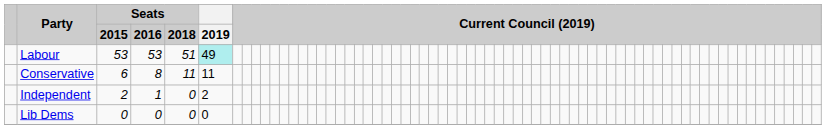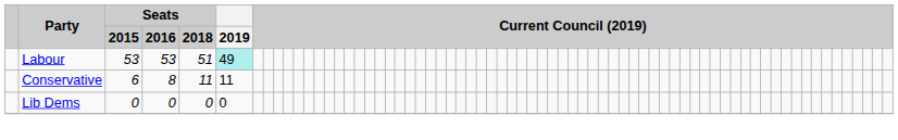 <table class="wikitable">
 <tr>
 <th rowspan="2" style="background:#ccc">  </th>
 <th rowspan="2" style="background:#ccc">Party</th>
 <th colspan="3" style="background:#ccc">Seats</th>
 <th></th>
 <th colspan="63" rowspan="2" style="background:#ccc">Current Council (2019)</th>
 </tr>
 <tr>
 <th style="background:#ccc">2015</th>
 <th style="background:#ccc">2016</th>
 <th style="background:#ccc">2018</th>
 <th>2019</th>
 </tr>
 <tr>
 <td style="background:"> </td>
 <td><a href='#'>Labour</a></td>
 <td style="text-align: right"><em>53</em></td>
 <td style="text-align: right"><em>53</em></td>
 <td style="text-align: right"><em>51</em></td>
 <td style="background: paleturquoise;">49</td>
 <td style="background:"> </td>
 <td style="background:"> </td>
 <td style="background:"> </td>
 <td style="background:"> </td>
 <td style="background:"> </td>
 <td style="background:"> </td>
 <td style="background:"> </td>
 <td style="background:"> </td>
 <td style="background:"> </td>
 <td style="background:"> </td>
 <td style="background:"> </td>
 <td style="background:"> </td>
 <td style="background:"> </td>
 <td style="background:"> </td>
 <td style="background:"> </td>
 <td style="background:"> </td>
 <td style="background:"> </td>
 <td style="background:"> </td>
 <td style="background:"> </td>
 <td style="background:"> </td>
 <td style="background:"> </td>
 <td style="background:"> </td>
 <td style="background:"> </td>
 <td style="background:"> </td>
 <td style="background:"> </td>
 <td style="background:"> </td>
 <td style="background:"> </td>
 <td style="background:"> </td>
 <td style="background:"> </td>
 <td style="background:"> </td>
 <td style="background:"> </td>
 <td style="background:"> </td>
 <td style="background:"> </td>
 <td style="background:"> </td>
 <td style="background:"> </td>
 <td style="background:"> </td>
 <td style="background:"> </td>
 <td style="background:"> </td>
 <td style="background:"> </td>
 <td style="background:"> </td>
 <td style="background:"> </td>
 <td style="background:"> </td>
 <td style="background:"> </td>
 <td style="background:"> </td>
 <td style="background:"> </td>
 <td style="background:"> </td>
 <td style="background:"> </td>
 <td style="background:"> </td>
 <td style="background:"> </td>
 <td> </td>
 <td> </td>
 <td> </td>
 <td> </td>
 <td> </td>
 <td> </td>
 <td> </td>
 <td> </td>
 <td> </td>
 <td> </td>
 <td> </td>
 <td> </td>
 <td> </td>
 </tr>
 <tr>
 <td style="background: "> </td>
 <td><a href='#'>Conservative</a></td>
 <td style="text-align: right"><em>6</em></td>
 <td style="text-align: right"><em>8</em></td>
 <td style="text-align: right"><em>11</em></td>
 <td>11</td>
 <td style="background: "> </td>
 <td style="background: "> </td>
 <td style="background: "> </td>
 <td style="background: "> </td>
 <td style="background: "> </td>
 <td style="background: "> </td>
 <td style="background: "> </td>
 <td style="background: "> </td>
 <td style="background: "> </td>
 <td style="background: "> </td>
 <td style="background: "> </td>
 <td> </td>
 <td> </td>
 <td> </td>
 <td> </td>
 <td> </td>
 <td> </td>
 <td> </td>
 <td> </td>
 <td> </td>
 <td> </td>
 <td> </td>
 <td> </td>
 <td> </td>
 <td> </td>
 <td> </td>
 <td> </td>
 <td> </td>
 <td> </td>
 <td> </td>
 <td> </td>
 <td> </td>
 <td> </td>
 <td> </td>
 <td> </td>
 <td> </td>
 <td> </td>
 <td> </td>
 <td> </td>
 <td> </td>
 <td> </td>
 <td> </td>
 <td> </td>
 <td> </td>
 <td> </td>
 <td> </td>
 <td> </td>
 <td> </td>
 <td> </td>
 <td> </td>
 <td> </td>
 <td> </td>
 <td> </td>
 <td> </td>
 <td> </td>
 <td> </td>
 <td> </td>
 <td> </td>
 <td> </td>
 <td> </td>
 <td> </td>
 <td> </td>
 <td> </td>
 </tr>
 <tr>
 <td style="background:"> </td>
-<td><a href='#'>Independent</a></td>
-<td style="text-align: right"><em>2</em></td>
-<td style="text-align: right"><em>1</em></td>
-<td style="text-align: right"><em>0</em></td>
-<td>2</td>
-<td style="background: "> </td>
-<td style="background: "> </td>
-<td> </td>
-<td> </td>
-<td> </td>
-<td> </td>
-<td> </td>
-<td> </td>
-<td> </td>
-<td> </td>
-<td> </td>
-<td> </td>
-<td> </td>
-<td> </td>
-<td> </td>
-<td> </td>
-<td> </td>
-<td> </td>
-<td> </td>
-<td> </td>
-<td> </td>
-<td> </td>
-<td> </td>
-<td> </td>
-<td> </td>
-<td> </td>
-<td> </td>
-<td> </td>
-<td> </td>
-<td> </td>
-<td> </td>
-<td> </td>
-<td> </td>
-<td> </td>
-<td> </td>
-<td> </td>
-<td> </td>
-<td> </td>
-<td> </td>
-<td> </td>
-<td> </td>
-<td> </td>
-<td> </td>
-<td> </td>
-<td> </td>
-<td> </td>
-<td> </td>
-<td> </td>
-<td> </td>
-<td> </td>
-<td> </td>
-<td> </td>
-<td> </td>
-<td> </td>
-<td> </td>
-<td> </td>
-<td> </td>
-<td> </td>
-<td> </td>
-<td> </td>
-<td> </td>
-<td> </td>
-<td> </td>
-</tr>
-<tr>
-<td style="background:"> </td>
 <td><a href='#'>Lib Dems</a></td>
 <td style="text-align: right"><em>0</em></td>
 <td style="text-align: right"><em>0</em></td>
 <td style="text-align: right"><em>0</em></td>
 <td>0</td>
 <td style="background: "> </td>
 <td> </td>
 <td> </td>
 <td> </td>
 <td> </td>
 <td> </td>
 <td> </td>
 <td> </td>
 <td> </td>
 <td> </td>
 <td> </td>
 <td> </td>
 <td> </td>
 <td> </td>
 <td> </td>
 <td> </td>
 <td> </td>
 <td> </td>
 <td> </td>
 <td> </td>
 <td> </td>
 <td> </td>
 <td> </td>
 <td> </td>
 <td> </td>
 <td> </td>
 <td> </td>
 <td> </td>
 <td> </td>
 <td> </td>
 <td> </td>
 <td> </td>
 <td> </td>
 <td> </td>
 <td> </td>
 <td> </td>
 <td> </td>
 <td> </td>
 <td> </td>
 <td> </td>
 <td> </td>
 <td> </td>
 <td> </td>
 <td> </td>
 <td> </td>
 <td> </td>
 <td> </td>
 <td> </td>
 <td> </td>
 <td> </td>
 <td> </td>
 <td> </td>
 <td> </td>
 <td> </td>
 <td> </td>
 <td> </td>
 <td> </td>
 <td> </td>
 <td> </td>
 <td> </td>
 <td> </td>
 <td> </td>
 <td> </td>
 </tr>
 <tr>
 </tr>
 </table>
